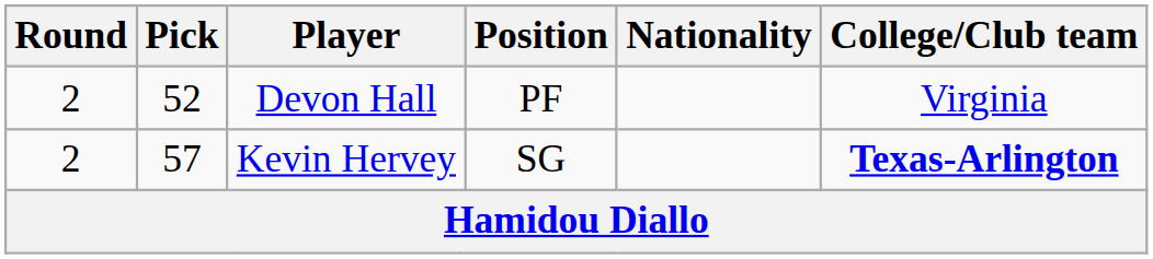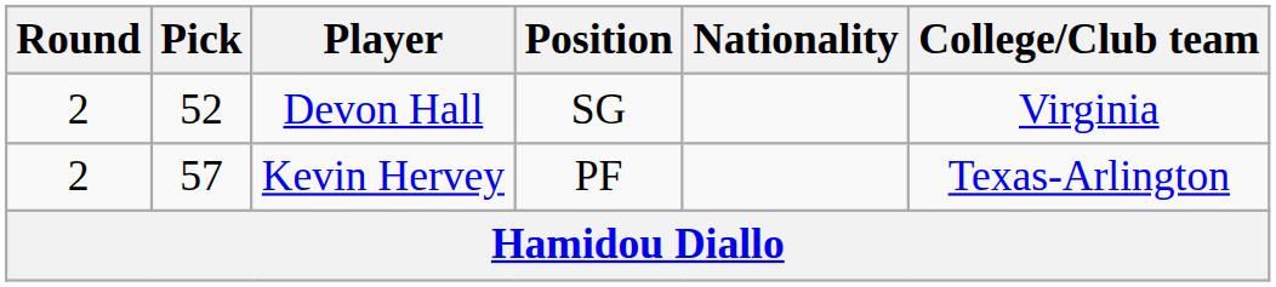 <table class="wikitable sortable sortable">
 <tr>
 <th>Round</th>
 <th>Pick</th>
 <th>Player</th>
 <th>Position</th>
 <th>Nationality</th>
 <th>College/Club team</th>
 </tr>
 <tr style="text-align: center">
 <td>2</td>
 <td>52</td>
 <td><a href='#'>Devon Hall</a></td>
-<td>PF</td>
+<td>SG</td>
 <td></td>
 <td><a href='#'>Virginia</a></td>
 </tr>
 <tr style="text-align: center">
 <td>2</td>
 <td>57</td>
 <td><a href='#'>Kevin Hervey</a></td>
-<td>SG</td>
+<td>PF</td>
 <td></td>
-<td><strong><a href='#'>Texas-Arlington</a></strong></td>
+<td><a href='#'>Texas-Arlington</a></td>
 </tr>
 <tr>
 <th scope="row" colspan="6" style="text-align:center;”"><a href='#'>Hamidou Diallo</a> </th>
 </tr>
 </table>
